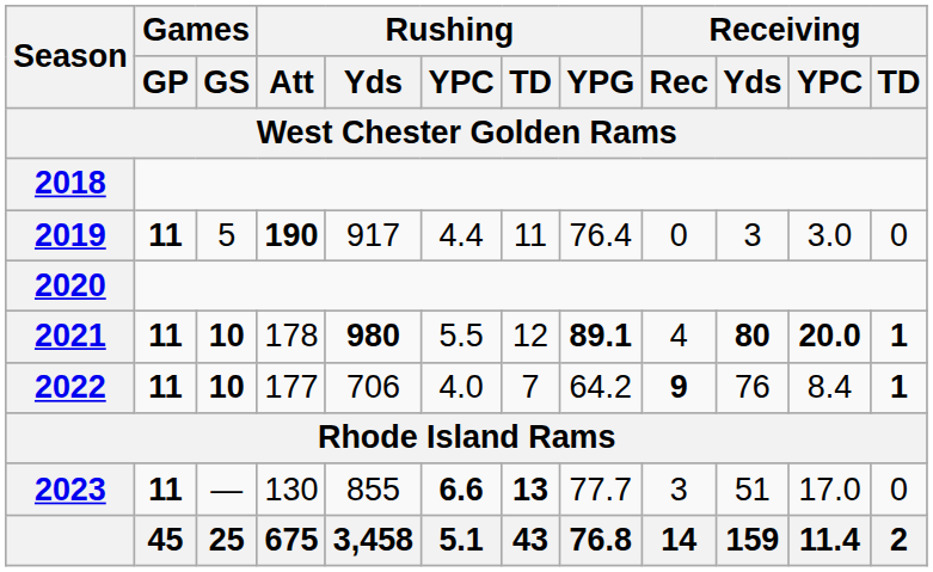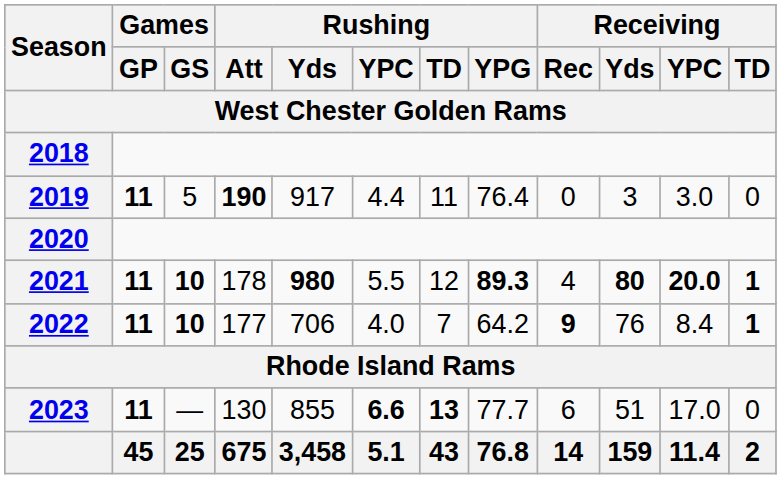 <table class="wikitable" style="text-align:center;">
 <tr>
 <th rowspan="2">Season</th>
 <th colspan="2">Games</th>
 <th colspan="5">Rushing</th>
 <th colspan="4">Receiving</th>
 </tr>
 <tr>
 <th>GP</th>
 <th>GS</th>
 <th>Att</th>
 <th>Yds</th>
 <th>YPC</th>
 <th>TD</th>
 <th>YPG</th>
 <th>Rec</th>
 <th>Yds</th>
 <th>YPC</th>
 <th>TD</th>
 </tr>
 <tr>
 <th colspan="12">West Chester Golden Rams</th>
 </tr>
 <tr>
 <th><a href='#'>2018</a></th>
 <td colspan="11"></td>
 </tr>
 <tr>
 <th><a href='#'>2019</a></th>
 <td><strong>11</strong></td>
 <td>5</td>
 <td><strong>190</strong></td>
 <td>917</td>
 <td>4.4</td>
 <td>11</td>
 <td>76.4</td>
 <td>0</td>
 <td>3</td>
 <td>3.0</td>
 <td>0</td>
 </tr>
 <tr>
 <th><a href='#'>2020</a></th>
 <td colspan="11"></td>
 </tr>
 <tr>
 <th><a href='#'>2021</a></th>
 <td><strong>11</strong></td>
 <td><strong>10</strong></td>
 <td>178</td>
 <td><strong>980</strong></td>
 <td>5.5</td>
 <td>12</td>
-<td><strong>89.1</strong></td>
+<td><strong>89.3</strong></td>
 <td>4</td>
 <td><strong>80</strong></td>
 <td><strong>20.0</strong></td>
 <td><strong>1</strong></td>
 </tr>
 <tr>
 <th><a href='#'>2022</a></th>
 <td><strong>11</strong></td>
 <td><strong>10</strong></td>
 <td>177</td>
 <td>706</td>
 <td>4.0</td>
 <td>7</td>
 <td>64.2</td>
 <td><strong>9</strong></td>
 <td>76</td>
 <td>8.4</td>
 <td><strong>1</strong></td>
 </tr>
 <tr>
 <th colspan="12">Rhode Island Rams</th>
 </tr>
 <tr>
 <th><a href='#'>2023</a></th>
 <td><strong>11</strong></td>
 <td>—</td>
 <td>130</td>
 <td>855</td>
 <td><strong>6.6</strong></td>
 <td><strong>13</strong></td>
 <td>77.7</td>
-<td>3</td>
+<td>6</td>
 <td>51</td>
 <td>17.0</td>
 <td>0</td>
 </tr>
 <tr>
 <th></th>
 <th>45</th>
 <th>25</th>
 <th>675</th>
 <th>3,458</th>
 <th>5.1</th>
 <th>43</th>
 <th>76.8</th>
 <th>14</th>
 <th>159</th>
 <th>11.4</th>
 <th>2</th>
 </tr>
 </table>
